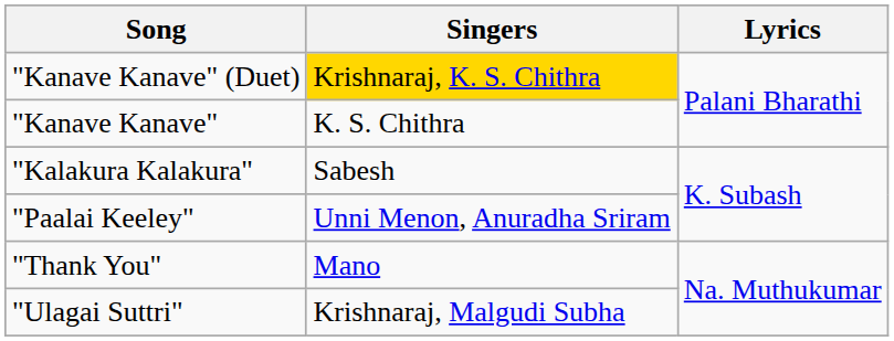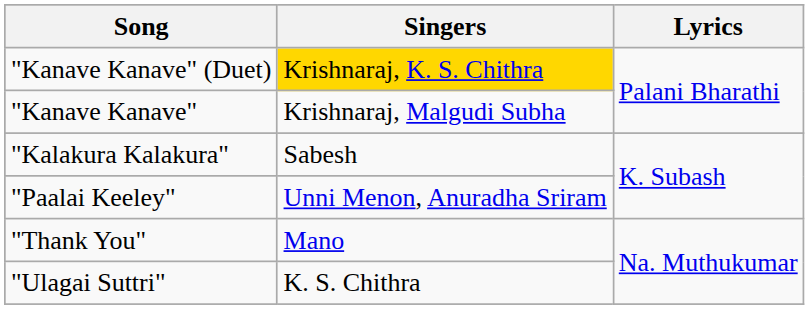 <table class="wikitable" style="font-size:95%;">
 <tr>
 <th>Song</th>
 <th>Singers</th>
 <th>Lyrics</th>
 </tr>
 <tr>
 <td>"Kanave Kanave" (Duet)</td>
 <td style="background: gold;">Krishnaraj, <a href='#'>K. S. Chithra</a></td>
 <td rowspan=2><a href='#'>Palani Bharathi</a></td>
 </tr>
 <tr>
 <td>"Kanave Kanave"</td>
-<td>K. S. Chithra</td>
+<td>Krishnaraj, <a href='#'>Malgudi Subha</a></td>
 </tr>
 <tr>
 <td>"Kalakura Kalakura"</td>
 <td>Sabesh</td>
 <td rowspan=2><a href='#'>K. Subash</a></td>
 </tr>
 <tr>
 <td>"Paalai Keeley"</td>
 <td><a href='#'>Unni Menon</a>, <a href='#'>Anuradha Sriram</a></td>
 </tr>
 <tr>
 <td>"Thank You"</td>
 <td><a href='#'>Mano</a></td>
 <td rowspan=2><a href='#'>Na. Muthukumar</a></td>
 </tr>
 <tr>
 <td>"Ulagai Suttri"</td>
-<td>Krishnaraj, <a href='#'>Malgudi Subha</a></td>
+<td>K. S. Chithra</td>
 </tr>
 </table>
